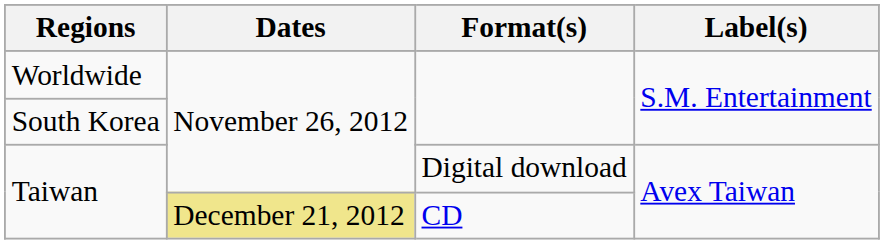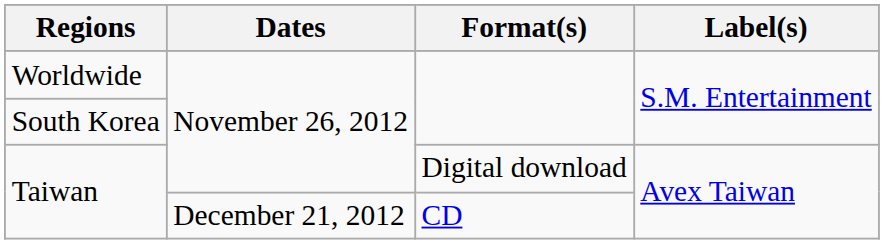 <table class="wikitable plainrowheaders">
 <tr>
 <th scope="col">Regions</th>
 <th scope="col">Dates</th>
 <th scope="col">Format(s)</th>
 <th scope="col">Label(s)</th>
 </tr>
 <tr>
 <td>Worldwide</td>
 <td rowspan="3">November 26, 2012</td>
 <td rowspan="2"></td>
 <td rowspan="2"><a href='#'>S.M. Entertainment</a></td>
 </tr>
 <tr>
 <td>South Korea</td>
 </tr>
 <tr>
 <td rowspan="2">Taiwan</td>
 <td>Digital download</td>
 <td rowspan="2"><a href='#'>Avex Taiwan</a></td>
 </tr>
 <tr>
-<td style="background: khaki;">December 21, 2012</td>
+<td>December 21, 2012</td>
 <td><a href='#'>CD</a></td>
 </tr>
 </table>
